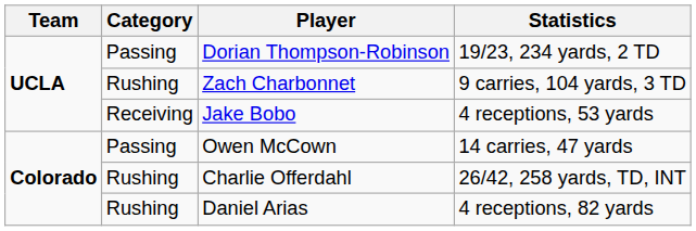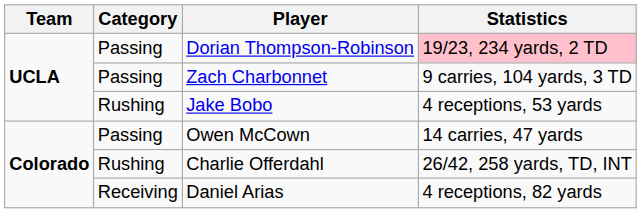 <table class="wikitable" style="float: right;">
 <tr>
 <th>Team</th>
 <th>Category</th>
 <th>Player</th>
 <th>Statistics</th>
 </tr>
 <tr>
 <td rowspan=3><strong>UCLA</strong></td>
 <td>Passing</td>
 <td><a href='#'>Dorian Thompson-Robinson</a></td>
-<td>19/23, 234 yards, 2 TD</td>
+<td style="background: pink;">19/23, 234 yards, 2 TD</td>
 </tr>
 <tr>
-<td>Rushing</td>
+<td>Passing</td>
 <td><a href='#'>Zach Charbonnet</a></td>
 <td>9 carries, 104 yards, 3 TD</td>
 </tr>
 <tr>
-<td>Receiving</td>
+<td>Rushing</td>
 <td><a href='#'>Jake Bobo</a></td>
 <td>4 receptions, 53 yards</td>
 </tr>
 <tr>
 <td rowspan=3><strong>Colorado</strong></td>
 <td>Passing</td>
 <td>Owen McCown</td>
 <td>14 carries, 47 yards</td>
 </tr>
 <tr>
 <td>Rushing</td>
 <td>Charlie Offerdahl</td>
 <td>26/42, 258 yards, TD, INT</td>
 </tr>
 <tr>
-<td>Rushing</td>
+<td>Receiving</td>
 <td>Daniel Arias</td>
 <td>4 receptions, 82 yards</td>
 </tr>
 </table>
